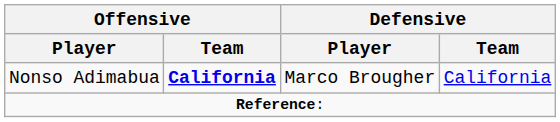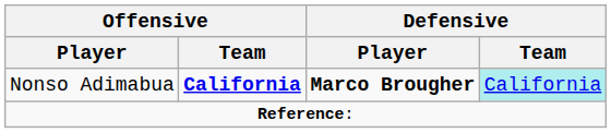 <table class="wikitable" style="text-align: center;">
 <tr>
 <th colspan="2">Offensive</th>
 <th colspan="2">Defensive</th>
 </tr>
 <tr>
 <th>Player</th>
 <th>Team</th>
 <th>Player</th>
 <th>Team</th>
 </tr>
 <tr>
 <td>Nonso Adimabua</td>
 <td><strong><a href='#'>California</a></strong></td>
-<td>Marco Brougher</td>
-<td><a href='#'>California</a></td>
+<td><strong>Marco Brougher</strong></td>
+<td style="background: paleturquoise;"><a href='#'>California</a></td>
 </tr>
 <tr>
 <td colspan="4"  style="font-size:8pt; text-align:center;"><strong>Reference</strong>:</td>
 </tr>
 </table>
